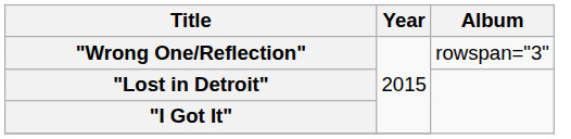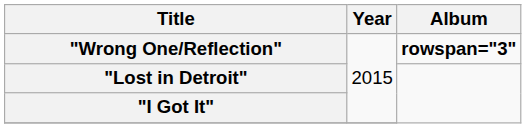 <table class="wikitable plainrowheaders" style="text-align:center;">
 <tr>
 <th scope="col" style="width:18em;">Title</th>
 <th scope="col">Year</th>
 <th scope="col">Album</th>
 </tr>
 <tr>
 <th scope="row">"Wrong One/Reflection"<br></th>
 <td rowspan="3">2015</td>
-<td>rowspan="3" </td>
+<td><strong>rowspan="3" </strong></td>
 </tr>
 <tr>
 <th scope="row">"Lost in Detroit"<br></th>
 </tr>
 <tr>
 <th scope="row">"I Got It"<br></th>
 </tr>
 <tr>
 </tr>
 </table>
